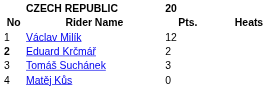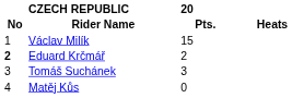 <table class="toccolours">
 <tr>
 <td></td>
 <td><strong>CZECH REPUBLIC</strong></td>
 <td><strong>20</strong></td>
 </tr>
 <tr style="background-color:">
 <th width=30px>No</th>
 <th width=210px>Rider Name</th>
 <th width=70px>Pts.</th>
 <th width=110px>Heats</th>
 </tr>
 <tr style="background-color:">
 <td>1</td>
 <td><a href='#'>Václav Milík</a></td>
-<td>12</td>
+<td>15</td>
 <td></td>
 </tr>
 <tr style="background-color:">
 <td><strong>2</strong></td>
 <td><a href='#'>Eduard Krčmář</a></td>
 <td>2</td>
 <td></td>
 </tr>
 <tr style="background-color:">
 <td>3</td>
 <td><a href='#'>Tomáš Suchánek</a></td>
 <td>3</td>
 <td></td>
 </tr>
 <tr style="background-color:">
 <td>4</td>
 <td><a href='#'>Matěj Kůs</a></td>
 <td>0</td>
 <td></td>
 </tr>
 </table>
